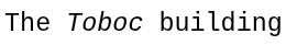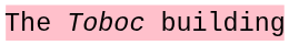 <table align="center" cellpadding=0px cellspacing=8px>
 <tr>
 <td></td>
 <td></td>
 <td></td>
 </tr>
 <tr>
-<td><small>The <em>Toboc</em> building</small></td>
+<td style="background: pink;"><small>The <em>Toboc</em> building</small></td>
 </tr>
 </table>
